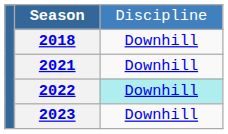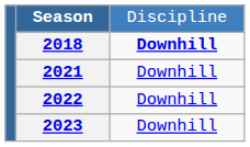 <table class="wikitable"  style="font-size:95%; text-align:center; border:gray solid 1px; width:20%;">
 <tr style="background:#369; color:white;">
 <td rowspan="5" style="width:1%;"></td>
 <td style="background:#369; color:white; width:10%;"><strong>Season</strong></td>
 <td style="background:#4180be; color:white; width:10%;">Discipline</td>
 </tr>
 <tr>
 <th><a href='#'>2018</a></th>
-<td><a href='#'>Downhill</a></td>
+<td><strong><a href='#'>Downhill</a></strong></td>
 </tr>
 <tr>
 <th><a href='#'>2021</a></th>
 <td><a href='#'>Downhill</a></td>
 </tr>
 <tr>
 <th><a href='#'>2022</a></th>
-<td style="background: paleturquoise;"><a href='#'>Downhill</a></td>
+<td><a href='#'>Downhill</a></td>
 </tr>
 <tr>
 <th><a href='#'>2023</a></th>
 <td><a href='#'>Downhill</a></td>
 </tr>
 </table>
